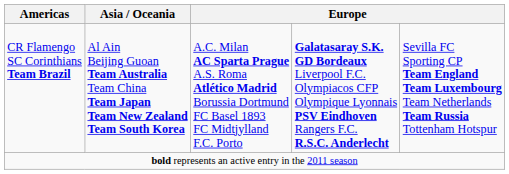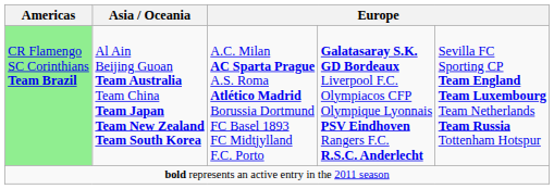 <table class="wikitable">
 <tr>
 <th>Americas</th>
 <th>Asia / Oceania</th>
 <th colspan=3>Europe</th>
 </tr>
 <tr valign="top">
-<td><br> <a href='#'>CR Flamengo</a><br>  <a href='#'>SC Corinthians</a><br>  <strong><a href='#'>Team Brazil</a></strong></td>
+<td style="background: lightgreen;"><br> <a href='#'>CR Flamengo</a><br>  <a href='#'>SC Corinthians</a><br>  <strong><a href='#'>Team Brazil</a></strong></td>
 <td><br> <a href='#'>Al Ain</a><br>  <a href='#'>Beijing Guoan</a><br>  <strong><a href='#'>Team Australia</a></strong><br>  <a href='#'>Team China</a><br>  <strong><a href='#'>Team Japan</a></strong><br>  <strong><a href='#'>Team New Zealand</a></strong><br>  <strong><a href='#'>Team South Korea</a></strong></td>
 <td><br> <a href='#'>A.C. Milan</a><br>  <strong><a href='#'>AC Sparta Prague</a></strong><br>  <a href='#'>A.S. Roma</a><br>  <strong><a href='#'>Atlético Madrid</a></strong><br>  <a href='#'>Borussia Dortmund</a><br>  <a href='#'>FC Basel 1893</a><br>  <a href='#'>FC Midtjylland</a><br>  <a href='#'>F.C. Porto</a></td>
 <td><br> <strong><a href='#'>Galatasaray S.K.</a></strong><br>  <strong><a href='#'>GD Bordeaux</a></strong><br>  <a href='#'>Liverpool F.C.</a><br>  <a href='#'>Olympiacos CFP</a><br>  <a href='#'>Olympique Lyonnais</a><br>  <strong><a href='#'>PSV Eindhoven</a></strong><br>  <a href='#'>Rangers F.C.</a><br>  <strong><a href='#'>R.S.C. Anderlecht</a></strong></td>
 <td><br> <a href='#'>Sevilla FC</a><br>  <a href='#'>Sporting CP</a><br>  <strong><a href='#'>Team England</a></strong><br>  <strong><a href='#'>Team Luxembourg</a></strong><br>  <a href='#'>Team Netherlands</a><br>  <strong><a href='#'>Team Russia</a></strong><br>  <a href='#'>Tottenham Hotspur</a></td>
 </tr>
 <tr>
 <td colspan="5"  style="text-align:center; font-size:85%;"><strong>bold</strong> represents an active entry in the <a href='#'>2011 season</a></td>
 </tr>
 </table>
